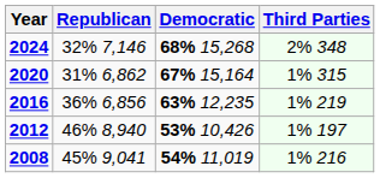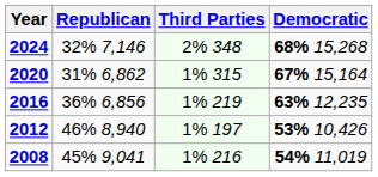 <table class="wikitable" style="font-size:95%;">
 <tr bgcolor=lightgrey>
 <th>Year</th>
 <th><a href='#'>Republican</a></th>
+<th><a href='#'>Third Parties</a></th>
 <th><a href='#'>Democratic</a></th>
-<th><a href='#'>Third Parties</a></th>
 </tr>
 <tr>
 <td style="text-align:center; "><strong><a href='#'>2024</a></strong></td>
 <td style="text-align:center; ">32% <em>7,146</em></td>
+<td style="text-align:center; background:honeyDew;">2% <em>348</em></td>
 <td style="text-align:center; "><strong>68%</strong> <em>15,268</em></td>
-<td style="text-align:center; background:honeyDew;">2% <em>348</em></td>
 </tr>
 <tr>
 <td style="text-align:center; "><strong><a href='#'>2020</a></strong></td>
 <td style="text-align:center; ">31% <em>6,862</em></td>
+<td style="text-align:center; background:honeyDew;">1% <em>315</em></td>
 <td style="text-align:center; "><strong>67%</strong> <em>15,164</em></td>
-<td style="text-align:center; background:honeyDew;">1% <em>315</em></td>
 </tr>
 <tr>
 <td style="text-align:center; "><strong><a href='#'>2016</a></strong></td>
 <td style="text-align:center; ">36% <em>6,856</em></td>
+<td style="text-align:center; background:honeyDew;">1% <em>219</em></td>
 <td style="text-align:center; "><strong>63%</strong> <em>12,235</em></td>
-<td style="text-align:center; background:honeyDew;">1% <em>219</em></td>
 </tr>
 <tr>
 <td style="text-align:center; "><strong><a href='#'>2012</a></strong></td>
 <td style="text-align:center; ">46% <em>8,940</em></td>
+<td style="text-align:center; background:honeyDew;">1% <em>197</em></td>
 <td style="text-align:center; "><strong>53%</strong> <em>10,426</em></td>
-<td style="text-align:center; background:honeyDew;">1% <em>197</em></td>
 </tr>
 <tr>
 <td style="text-align:center; "><strong><a href='#'>2008</a></strong></td>
 <td style="text-align:center; ">45% <em>9,041</em></td>
+<td style="text-align:center; background:honeyDew;">1% <em>216</em></td>
 <td style="text-align:center; "><strong>54%</strong> <em>11,019</em></td>
-<td style="text-align:center; background:honeyDew;">1% <em>216</em></td>
 </tr>
 </table>
